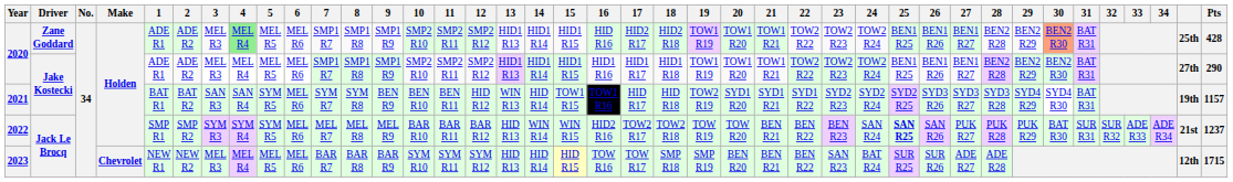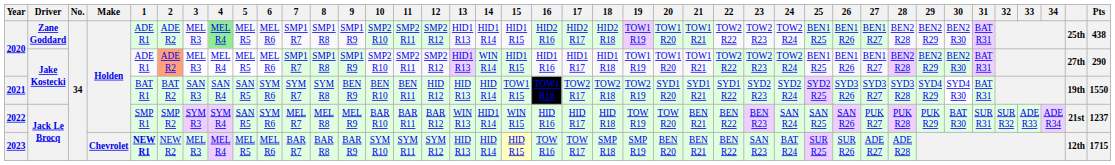 <table class="wikitable mw-collapsible mw-collapsed" style="text-align:center; font-size:75%">
 <tr>
 <th>Year</th>
 <th>Driver</th>
 <th>No.</th>
 <th>Make</th>
 <th>1</th>
 <th>2</th>
 <th>3</th>
 <th>4</th>
 <th>5</th>
 <th>6</th>
 <th>7</th>
 <th>8</th>
 <th>9</th>
 <th>10</th>
 <th>11</th>
 <th>12</th>
 <th>13</th>
 <th>14</th>
 <th>15</th>
 <th>16</th>
 <th>17</th>
 <th>18</th>
 <th>19</th>
 <th>20</th>
 <th>21</th>
 <th>22</th>
 <th>23</th>
 <th>24</th>
 <th>25</th>
 <th>26</th>
 <th>27</th>
 <th>28</th>
 <th>29</th>
 <th>30</th>
 <th>31</th>
 <th>32</th>
 <th>33</th>
 <th>34</th>
 <th></th>
 <th>Pts</th>
 </tr>
 <tr>
 <th rowspan=2><a href='#'>2020</a></th>
 <th><a href='#'>Zane Goddard</a></th>
 <th rowspan=6>34</th>
 <th rowspan=4><a href='#'>Holden</a></th>
 <td style="background: #dfffdf"><a href='#'>ADE<br>R1</a><br></td>
 <td style="background: #dfffdf"><a href='#'>ADE<br>R2</a><br></td>
 <td><a href='#'>MEL<br>R3</a><br></td>
 <td style="background: lightgreen;"><a href='#'>MEL<br>R4</a><br></td>
 <td><a href='#'>MEL<br>R5</a><br></td>
 <td><a href='#'>MEL<br>R6</a><br></td>
 <td><a href='#'>SMP1<br>R7</a><br></td>
 <td><a href='#'>SMP1<br>R8</a><br></td>
 <td><a href='#'>SMP1<br>R9</a><br></td>
 <td style="background: #dfffdf"><a href='#'>SMP2<br>R10</a><br></td>
 <td style="background: #dfffdf"><a href='#'>SMP2<br>R11</a><br></td>
 <td style="background: #dfffdf"><a href='#'>SMP2<br>R12</a><br></td>
 <td><a href='#'>HID1<br>R13</a><br></td>
 <td><a href='#'>HID1<br>R14</a><br></td>
 <td><a href='#'>HID1<br>R15</a><br></td>
-<td style="background: #dfffdf"><a href='#'>HID<br>R16</a><br></td>
+<td style="background: #dfffdf"><a href='#'>HID2<br>R16</a><br></td>
 <td style="background: #dfffdf"><a href='#'>HID2<br>R17</a><br></td>
 <td style="background: #dfffdf"><a href='#'>HID2<br>R18</a><br></td>
 <td style="background: #efcfff"><a href='#'>TOW1<br>R19</a><br></td>
 <td style="background: #dfffdf"><a href='#'>TOW1<br>R20</a><br></td>
 <td style="background: #dfffdf"><a href='#'>TOW1<br>R21</a><br></td>
 <td><a href='#'>TOW2<br>R22</a><br></td>
 <td><a href='#'>TOW2<br>R23</a><br></td>
 <td><a href='#'>TOW2<br>R24</a><br></td>
 <td style="background: #dfffdf"><a href='#'>BEN1<br>R25</a><br></td>
 <td style="background: #dfffdf"><a href='#'>BEN1<br>R26</a><br></td>
 <td style="background: #dfffdf"><a href='#'>BEN1<br>R27</a><br></td>
 <td><a href='#'>BEN2<br>R28</a><br></td>
 <td><a href='#'>BEN2<br>R29</a><br></td>
-<td style="background: lightsalmon;"><a href='#'>BEN2<br>R30</a><br></td>
+<td><a href='#'>BEN2<br>R30</a><br></td>
 <td style="background: #efcfff"><a href='#'>BAT<br>R31</a><br></td>
 <th colspan=3></th>
 <th>25th</th>
-<th>428</th>
+<th>438</th>
 </tr>
 <tr>
 <th rowspan=2><a href='#'>Jake Kostecki</a></th>
 <td><a href='#'>ADE<br>R1</a></td>
-<td><a href='#'>ADE<br>R2</a></td>
+<td style="background: lightsalmon;"><a href='#'>ADE<br>R2</a></td>
 <td style="background: #ffffff"><a href='#'>MEL<br>R3</a><br></td>
 <td style="background: #ffffff"><a href='#'>MEL<br>R4</a><br></td>
 <td style="background: #ffffff"><a href='#'>MEL<br>R5</a><br></td>
 <td style="background: #ffffff"><a href='#'>MEL<br>R6</a><br></td>
 <td style="background: #dfffdf"><a href='#'>SMP1<br>R7</a><br></td>
 <td style="background: #dfffdf"><a href='#'>SMP1<br>R8</a><br></td>
 <td style="background: #dfffdf"><a href='#'>SMP1<br>R9</a><br></td>
 <td><a href='#'>SMP2<br>R10</a></td>
 <td><a href='#'>SMP2<br>R11</a></td>
 <td><a href='#'>SMP2<br>R12</a></td>
 <td style="background:#efcfff;"><a href='#'>HID1<br>R13</a><br></td>
-<td style="background: #dfffdf"><a href='#'>HID1<br>R14</a><br></td>
+<td style="background: #dfffdf"><a href='#'>WIN<br>R14</a><br></td>
 <td style="background: #dfffdf"><a href='#'>HID1<br>R15</a><br></td>
 <td><a href='#'>HID1<br>R16</a></td>
 <td><a href='#'>HID1<br>R17</a></td>
 <td><a href='#'>HID1<br>R18</a></td>
 <td><a href='#'>TOW1<br>R19</a></td>
 <td><a href='#'>TOW1<br>R20</a></td>
 <td><a href='#'>TOW1<br>R21</a></td>
 <td style="background: #dfffdf"><a href='#'>TOW2<br>R22</a><br></td>
 <td style="background: #dfffdf"><a href='#'>TOW2<br>R23</a><br></td>
 <td style="background: #dfffdf"><a href='#'>TOW2<br>R24</a><br></td>
 <td><a href='#'>BEN1<br>R25</a></td>
 <td><a href='#'>BEN1<br>R26</a></td>
 <td><a href='#'>BEN1<br>R27</a></td>
 <td style="background:#efcfff;"><a href='#'>BEN2<br>R28</a><br></td>
 <td style="background: #dfffdf"><a href='#'>BEN2<br>R29</a><br></td>
 <td style="background: #dfffdf"><a href='#'>BEN2<br>R30</a><br></td>
 <td style="background:#efcfff;"><a href='#'>BAT<br>R31</a><br></td>
 <th colspan=3></th>
 <th>27th</th>
 <th>290</th>
 </tr>
 <tr>
 <th><a href='#'>2021</a></th>
 <td style="background: #dfffdf"><a href='#'>BAT<br>R1</a><br></td>
 <td style="background: #dfffdf"><a href='#'>BAT<br>R2</a><br></td>
 <td style="background: #dfffdf"><a href='#'>SAN<br>R3</a><br></td>
 <td style="background: #dfffdf"><a href='#'>SAN<br>R4</a><br></td>
-<td style="background: #dfffdf"><a href='#'>SYM<br>R5</a><br></td>
-<td style="background: #dfffdf"><a href='#'>MEL<br>R6</a><br></td>
+<td style="background: #dfffdf"><a href='#'>SAN<br>R5</a><br></td>
+<td style="background: #dfffdf"><a href='#'>SYM<br>R6</a><br></td>
 <td style="background: #dfffdf"><a href='#'>SYM<br>R7</a><br></td>
 <td style="background: #dfffdf"><a href='#'>SYM<br>R8</a><br></td>
 <td style="background: #dfffdf"><a href='#'>BEN<br>R9</a><br></td>
 <td style="background: #dfffdf"><a href='#'>BEN<br>R10</a><br></td>
 <td style="background: #dfffdf"><a href='#'>BEN<br>R11</a><br></td>
 <td style="background: #dfffdf"><a href='#'>HID<br>R12</a><br></td>
-<td style="background: #dfffdf"><a href='#'>WIN<br>R13</a><br></td>
+<td style="background: #dfffdf"><a href='#'>HID<br>R13</a><br></td>
 <td style="background: #dfffdf"><a href='#'>HID<br>R14</a><br></td>
 <td style="background: #dfffdf"><a href='#'>TOW1<br>R15</a><br></td>
 <td style="background:#000000; color:white;"><a href='#'>TOW1<br>R16</a><br></td>
-<td style="background: #dfffdf"><a href='#'>HID<br>R17</a><br></td>
-<td style="background: #dfffdf"><a href='#'>HID<br>R18</a><br></td>
+<td style="background: #dfffdf"><a href='#'>TOW2<br>R17</a><br></td>
+<td style="background: #dfffdf"><a href='#'>TOW2<br>R18</a><br></td>
 <td style="background: #dfffdf"><a href='#'>TOW2<br>R19</a><br></td>
 <td style="background: #dfffdf"><a href='#'>SYD1<br>R20</a><br></td>
 <td style="background: #dfffdf"><a href='#'>SYD1<br>R21</a><br></td>
 <td style="background: #dfffdf"><a href='#'>SYD1<br>R22</a><br></td>
 <td style="background: #dfffdf"><a href='#'>SYD2<br>R23</a><br></td>
 <td style="background: #dfffdf"><a href='#'>SYD2<br>R24</a><br></td>
 <td style="background: #efcfff"><a href='#'>SYD2<br>R25</a><br></td>
 <td style="background: #dfffdf"><a href='#'>SYD3<br>R26</a><br></td>
 <td style="background: #dfffdf"><a href='#'>SYD3<br>R27</a><br></td>
 <td style="background: #dfffdf"><a href='#'>SYD3<br>R28</a><br></td>
 <td style="background: #dfffdf"><a href='#'>SYD4<br>R29</a><br></td>
 <td style="background: #ffffff"><a href='#'>SYD4<br>R30</a><br></td>
 <td style="background: #dfffdf"><a href='#'>BAT<br>R31</a><br></td>
 <th colspan=3></th>
 <th>19th</th>
-<th>1157</th>
+<th>1550</th>
 </tr>
 <tr>
 <th><a href='#'>2022</a></th>
 <th rowspan=2><a href='#'>Jack Le Brocq</a></th>
 <td style="background: #dfffdf"><a href='#'>SMP<br>R1</a><br></td>
 <td style="background: #dfffdf"><a href='#'>SMP<br>R2</a><br></td>
 <td style="background: #efcfff"><a href='#'>SYM<br>R3</a><br></td>
 <td style="background: #efcfff"><a href='#'>SYM<br>R4</a><br></td>
-<td style="background: #dfffdf"><a href='#'>SYM<br>R5</a><br></td>
-<td style="background: #dfffdf"><a href='#'>MEL<br>R6</a><br></td>
+<td style="background: #dfffdf"><a href='#'>SAN<br>R5</a><br></td>
+<td style="background: #dfffdf"><a href='#'>SYM<br>R6</a><br></td>
 <td style="background: #dfffdf"><a href='#'>MEL<br>R7</a><br></td>
 <td style="background: #dfffdf"><a href='#'>MEL<br>R8</a><br></td>
 <td style="background: #dfffdf"><a href='#'>MEL<br>R9</a><br></td>
 <td style="background: #dfffdf"><a href='#'>BAR<br>R10</a><br></td>
 <td style="background: #dfffdf"><a href='#'>BAR<br>R11</a><br></td>
 <td style="background: #dfffdf"><a href='#'>BAR<br>R12</a><br></td>
-<td style="background: #dfffdf"><a href='#'>HID<br>R13</a><br></td>
-<td style="background: #dfffdf"><a href='#'>WIN<br>R14</a><br></td>
+<td style="background: #dfffdf"><a href='#'>WIN<br>R13</a><br></td>
+<td style="background: #dfffdf"><a href='#'>HID1<br>R14</a><br></td>
 <td style="background: #dfffdf"><a href='#'>WIN<br>R15</a><br></td>
-<td style="background: #dfffdf"><a href='#'>HID2<br>R16</a><br></td>
-<td style="background: #dfffdf"><a href='#'>TOW2<br>R17</a><br></td>
-<td style="background: #dfffdf"><a href='#'>TOW2<br>R18</a><br></td>
+<td style="background: #dfffdf"><a href='#'>HID<br>R16</a><br></td>
+<td style="background: #dfffdf"><a href='#'>HID<br>R17</a><br></td>
+<td style="background: #dfffdf"><a href='#'>HID<br>R18</a><br></td>
 <td style="background: #dfffdf"><a href='#'>TOW<br>R19</a><br></td>
 <td style="background: #dfffdf"><a href='#'>TOW<br>R20</a><br></td>
 <td style="background: #dfffdf"><a href='#'>BEN<br>R21</a><br></td>
 <td style="background: #dfffdf"><a href='#'>BEN<br>R22</a><br></td>
 <td style="background: #efcfff"><a href='#'>BEN<br>R23</a><br></td>
 <td style="background: #dfffdf"><a href='#'>SAN<br>R24</a><br></td>
-<td style="background: #dfffdf"><strong><a href='#'>SAN<br>R25</a><br></strong></td>
+<td style="background: #dfffdf"><a href='#'>SAN<br>R25</a><br></td>
 <td style="background: #efcfff"><a href='#'>SAN<br>R26</a><br></td>
 <td style="background: #dfffdf"><a href='#'>PUK<br>R27</a><br></td>
 <td style="background: #efcfff"><a href='#'>PUK<br>R28</a><br></td>
 <td style="background: #dfffdf"><a href='#'>PUK<br>R29</a><br></td>
 <td style="background: #dfffdf"><a href='#'>BAT<br>R30</a><br></td>
 <td style="background: #dfffdf"><a href='#'>SUR<br>R31</a><br></td>
 <td style="background: #dfffdf"><a href='#'>SUR<br>R32</a><br></td>
 <td style="background: #dfffdf"><a href='#'>ADE<br>R33</a><br></td>
 <td style="background: #efcfff"><a href='#'>ADE<br>R34</a><br></td>
 <th>21st</th>
 <th>1237</th>
 </tr>
 <tr>
 <th><a href='#'>2023</a></th>
 <th rowspan=2><a href='#'>Chevrolet</a></th>
-<td style="background:#dfffdf"><a href='#'>NEW<br>R1</a><br></td>
+<td style="background:#dfffdf"><strong><a href='#'>NEW<br>R1</a><br></strong></td>
 <td style="background:#dfffdf"><a href='#'>NEW<br>R2</a><br></td>
 <td style="background:#dfffdf"><a href='#'>MEL<br>R3</a><br></td>
 <td style="background:#efcfff"><a href='#'>MEL<br>R4</a><br></td>
 <td style="background:#dfffdf"><a href='#'>MEL<br>R5</a><br></td>
 <td style="background:#dfffdf"><a href='#'>MEL<br>R6</a><br></td>
 <td style="background:#dfffdf"><a href='#'>BAR<br>R7</a><br></td>
 <td style="background:#dfffdf"><a href='#'>BAR<br>R8</a><br></td>
 <td style="background:#dfffdf"><a href='#'>BAR<br>R9</a><br></td>
 <td style="background:#dfffdf"><a href='#'>SYM<br>R10</a><br></td>
 <td style="background:#dfffdf"><a href='#'>SYM<br>R11</a><br></td>
 <td style="background:#dfffdf"><a href='#'>SYM<br>R12</a><br></td>
 <td style="background:#dfffdf"><a href='#'>HID<br>R13</a><br></td>
 <td style="background:#dfffdf"><a href='#'>HID<br>R14</a><br></td>
 <td style="background:#ffffbf"><a href='#'>HID<br>R15</a><br></td>
 <td style="background:#dfffdf"><a href='#'>TOW<br>R16</a><br></td>
 <td style="background:#dfffdf"><a href='#'>TOW<br>R17</a><br></td>
 <td style="background:#dfffdf"><a href='#'>SMP<br>R18</a><br></td>
 <td style="background:#dfffdf"><a href='#'>SMP<br>R19</a><br></td>
 <td style="background:#dfffdf"><a href='#'>BEN<br>R20</a><br></td>
 <td style="background:#dfffdf"><a href='#'>BEN<br>R21</a><br></td>
 <td style="background:#dfffdf"><a href='#'>BEN<br>R22</a><br></td>
 <td style="background:#dfffdf"><a href='#'>SAN<br>R23</a><br></td>
 <td style="background:#dfffdf"><a href='#'>BAT<br>R24</a><br></td>
 <td style="background:#efcfff"><a href='#'>SUR<br>R25</a><br></td>
 <td style="background:#dfffdf"><a href='#'>SUR<br>R26</a><br></td>
 <td style="background:#dfffdf"><a href='#'>ADE<br>R27</a><br></td>
 <td style="background:#dfffdf"><a href='#'>ADE<br>R28</a><br></td>
 <th colspan=6></th>
 <th>12th</th>
 <th>1715</th>
 </tr>
 </table>
